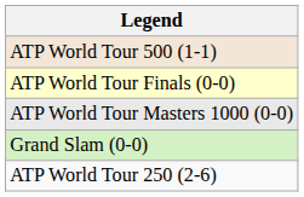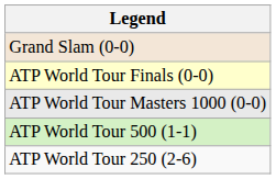 <table class="wikitable sortable">
 <tr>
 <th>Legend</th>
 </tr>
 <tr style="background:#f3e6d7;">
-<td>ATP World Tour 500 (1-1)</td>
+<td>Grand Slam (0-0)</td>
 </tr>
 <tr style="background:#ffffcc;">
 <td>ATP World Tour Finals (0-0)</td>
 </tr>
 <tr style="background:#e9e9e9;">
 <td>ATP World Tour Masters 1000 (0-0)</td>
 </tr>
 <tr style="background:#d4f1c5;">
-<td>Grand Slam (0-0)</td>
+<td>ATP World Tour 500 (1-1)</td>
 </tr>
 <tr>
 <td>ATP World Tour 250 (2-6)</td>
 </tr>
 </table>
